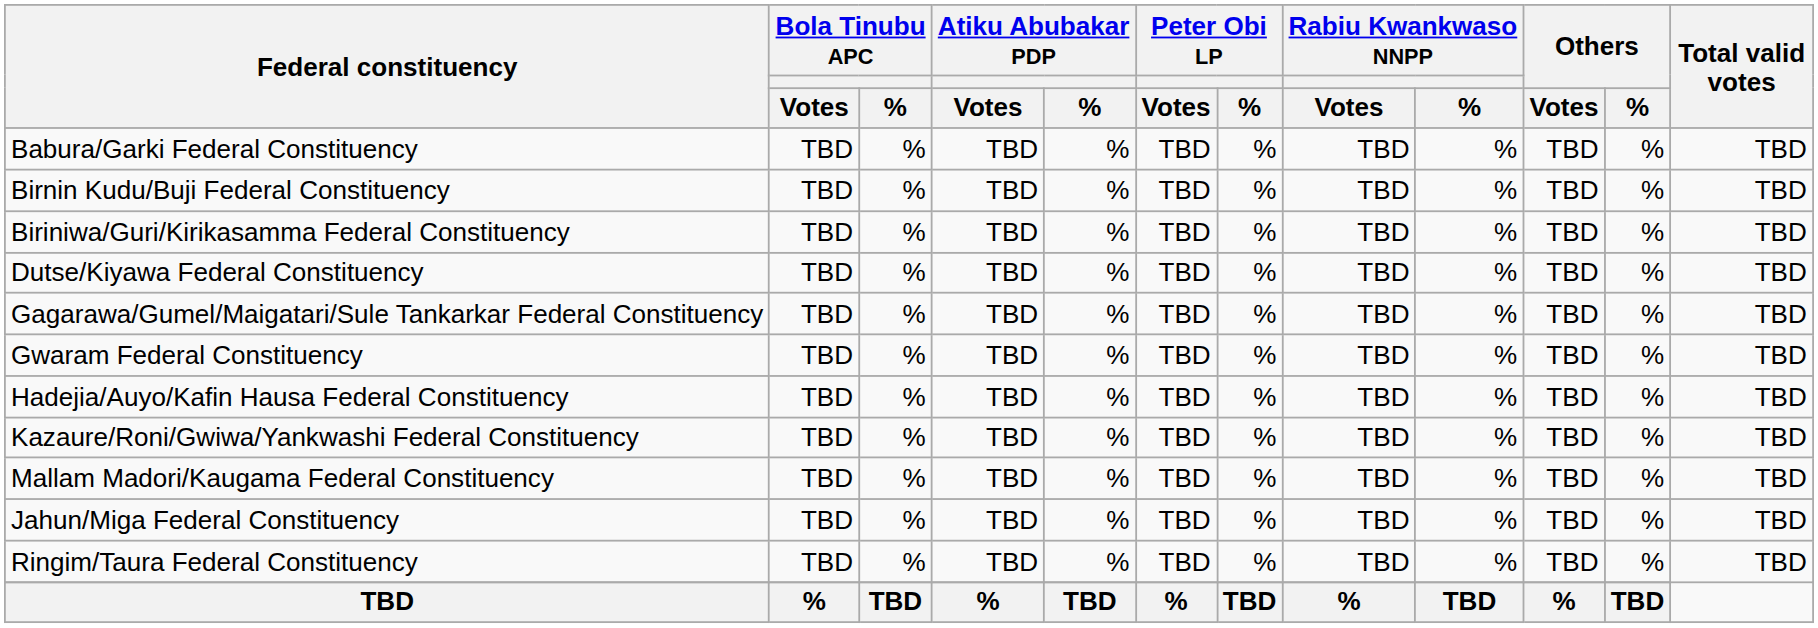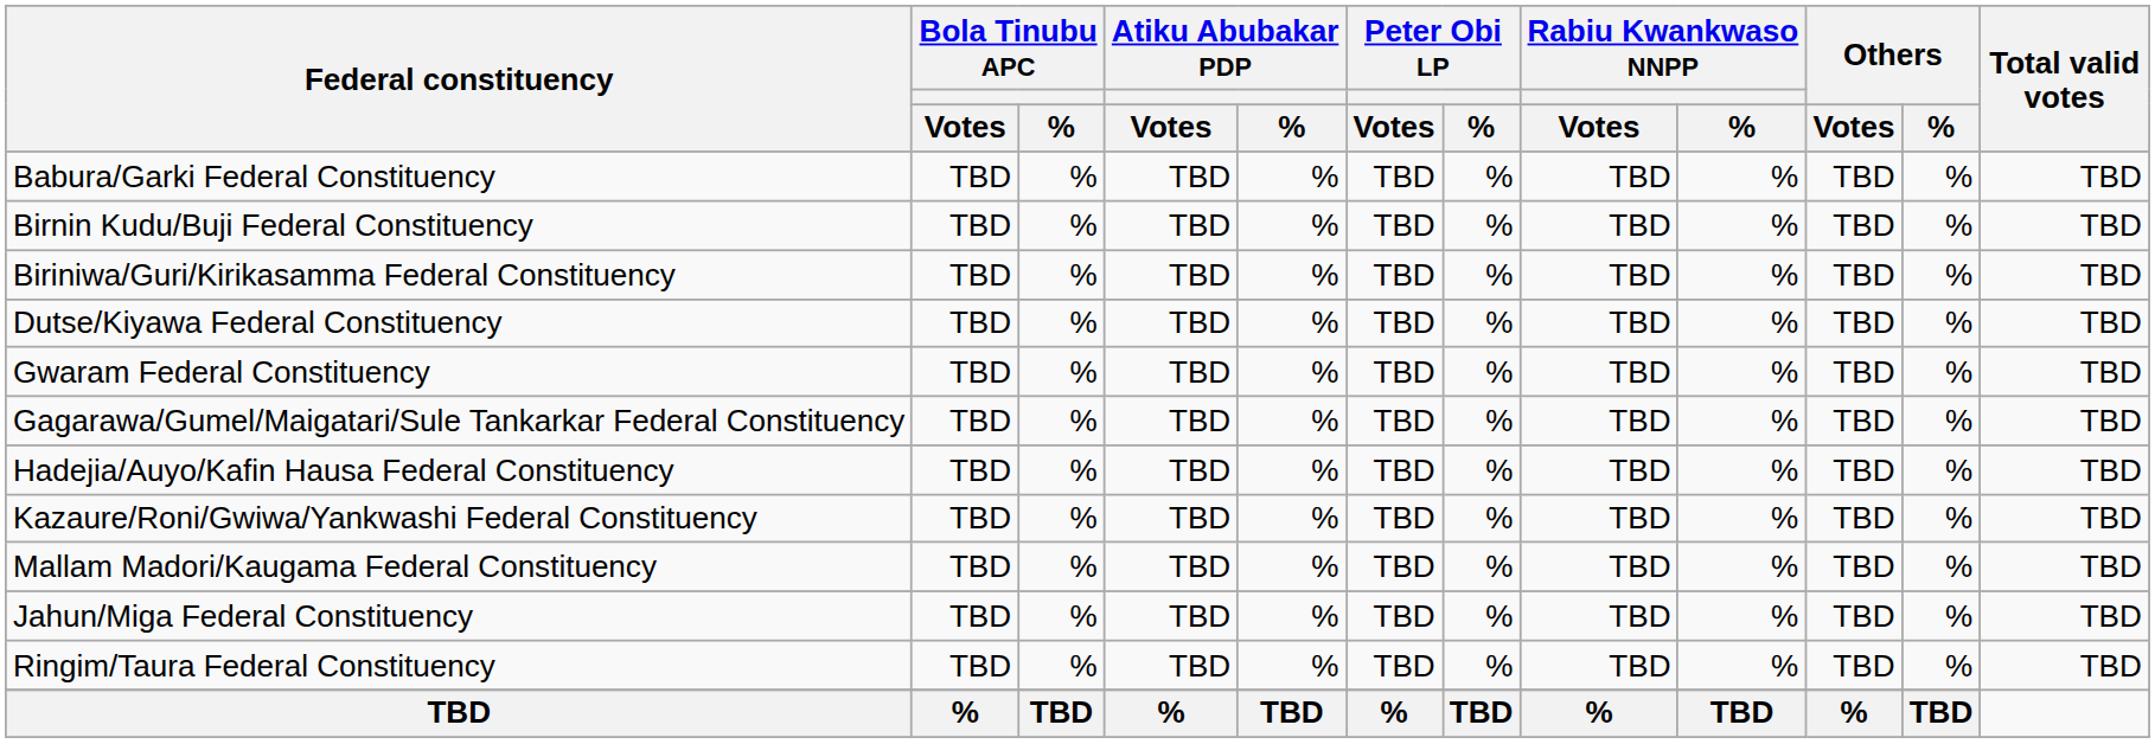 <table class="wikitable sortable" style="text-align:right; font-size:90%">
 <tr>
 <th rowspan="3" style="max-width:7.5em;">Federal constituency</th>
 <th colspan="2"><a href='#'>Bola Tinubu</a><br><small>APC</small></th>
 <th colspan="2"><a href='#'>Atiku Abubakar</a><br><small>PDP</small></th>
 <th colspan="2"><a href='#'>Peter Obi</a><br><small>LP</small></th>
 <th colspan="2"><a href='#'>Rabiu Kwankwaso</a><br><small>NNPP</small></th>
 <th colspan="2" rowspan="2">Others</th>
 <th rowspan="3" style="max-width:5em;">Total valid votes</th>
 </tr>
 <tr>
 <th colspan=2 style="background-color:"></th>
 <th colspan=2 style="background-color:"></th>
 <th colspan=2 style="background-color:"></th>
 <th colspan=2 style="background-color:"></th>
 </tr>
 <tr>
 <th>Votes</th>
 <th>%</th>
 <th>Votes</th>
 <th>%</th>
 <th>Votes</th>
 <th>%</th>
 <th>Votes</th>
 <th>%</th>
 <th>Votes</th>
 <th>%</th>
 </tr>
 <tr style="background-color:#">
 <td style="text-align:left;">Babura/Garki Federal Constituency</td>
 <td>TBD</td>
 <td>%</td>
 <td>TBD</td>
 <td>%</td>
 <td>TBD</td>
 <td>%</td>
 <td>TBD</td>
 <td>%</td>
 <td>TBD</td>
 <td>%</td>
 <td>TBD</td>
 </tr>
 <tr style="background-color:#">
 <td style="text-align:left;">Birnin Kudu/Buji Federal Constituency</td>
 <td>TBD</td>
 <td>%</td>
 <td>TBD</td>
 <td>%</td>
 <td>TBD</td>
 <td>%</td>
 <td>TBD</td>
 <td>%</td>
 <td>TBD</td>
 <td>%</td>
 <td>TBD</td>
 </tr>
 <tr style="background-color:#">
 <td style="text-align:left;">Biriniwa/Guri/Kirikasamma Federal Constituency</td>
 <td>TBD</td>
 <td>%</td>
 <td>TBD</td>
 <td>%</td>
 <td>TBD</td>
 <td>%</td>
 <td>TBD</td>
 <td>%</td>
 <td>TBD</td>
 <td>%</td>
 <td>TBD</td>
 </tr>
 <tr style="background-color:#">
 <td style="text-align:left;">Dutse/Kiyawa Federal Constituency</td>
 <td>TBD</td>
 <td>%</td>
 <td>TBD</td>
 <td>%</td>
 <td>TBD</td>
 <td>%</td>
 <td>TBD</td>
 <td>%</td>
 <td>TBD</td>
 <td>%</td>
 <td>TBD</td>
 </tr>
 <tr style="background-color:#">
-<td style="text-align:left;">Gagarawa/Gumel/Maigatari/Sule Tankarkar Federal Constituency</td>
+<td style="text-align:left;">Gwaram Federal Constituency</td>
 <td>TBD</td>
 <td>%</td>
 <td>TBD</td>
 <td>%</td>
 <td>TBD</td>
 <td>%</td>
 <td>TBD</td>
 <td>%</td>
 <td>TBD</td>
 <td>%</td>
 <td>TBD</td>
 </tr>
 <tr style="background-color:#">
-<td style="text-align:left;">Gwaram Federal Constituency</td>
+<td style="text-align:left;">Gagarawa/Gumel/Maigatari/Sule Tankarkar Federal Constituency</td>
 <td>TBD</td>
 <td>%</td>
 <td>TBD</td>
 <td>%</td>
 <td>TBD</td>
 <td>%</td>
 <td>TBD</td>
 <td>%</td>
 <td>TBD</td>
 <td>%</td>
 <td>TBD</td>
 </tr>
 <tr style="background-color:#">
 <td style="text-align:left;">Hadejia/Auyo/Kafin Hausa Federal Constituency</td>
 <td>TBD</td>
 <td>%</td>
 <td>TBD</td>
 <td>%</td>
 <td>TBD</td>
 <td>%</td>
 <td>TBD</td>
 <td>%</td>
 <td>TBD</td>
 <td>%</td>
 <td>TBD</td>
 </tr>
 <tr style="background-color:#">
 <td style="text-align:left;">Kazaure/Roni/Gwiwa/Yankwashi Federal Constituency</td>
 <td>TBD</td>
 <td>%</td>
 <td>TBD</td>
 <td>%</td>
 <td>TBD</td>
 <td>%</td>
 <td>TBD</td>
 <td>%</td>
 <td>TBD</td>
 <td>%</td>
 <td>TBD</td>
 </tr>
 <tr style="background-color:#">
 <td style="text-align:left;">Mallam Madori/Kaugama Federal Constituency</td>
 <td>TBD</td>
 <td>%</td>
 <td>TBD</td>
 <td>%</td>
 <td>TBD</td>
 <td>%</td>
 <td>TBD</td>
 <td>%</td>
 <td>TBD</td>
 <td>%</td>
 <td>TBD</td>
 </tr>
 <tr style="background-color:#">
 <td style="text-align:left;">Jahun/Miga Federal Constituency</td>
 <td>TBD</td>
 <td>%</td>
 <td>TBD</td>
 <td>%</td>
 <td>TBD</td>
 <td>%</td>
 <td>TBD</td>
 <td>%</td>
 <td>TBD</td>
 <td>%</td>
 <td>TBD</td>
 </tr>
 <tr style="background-color:#">
 <td style="text-align:left;">Ringim/Taura Federal Constituency</td>
 <td>TBD</td>
 <td>%</td>
 <td>TBD</td>
 <td>%</td>
 <td>TBD</td>
 <td>%</td>
 <td>TBD</td>
 <td>%</td>
 <td>TBD</td>
 <td>%</td>
 <td>TBD</td>
 </tr>
 <tr>
 </tr>
 <tr>
 <th>TBD</th>
 <th>%</th>
 <th>TBD</th>
 <th>%</th>
 <th>TBD</th>
 <th>%</th>
 <th>TBD</th>
 <th>%</th>
 <th>TBD</th>
 <th>%</th>
 <th>TBD</th>
 </tr>
 </table>
